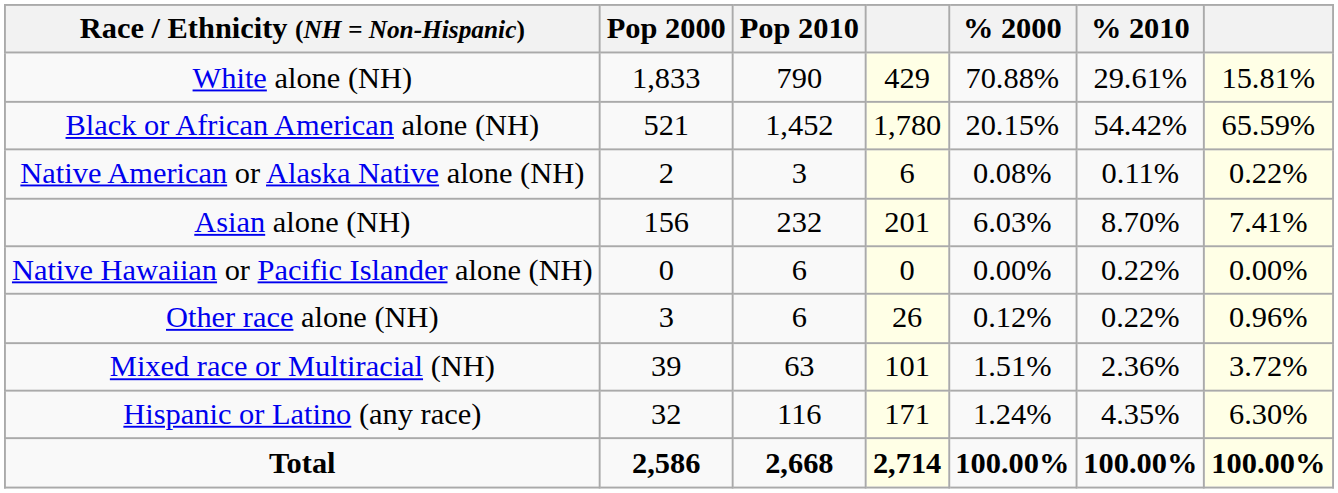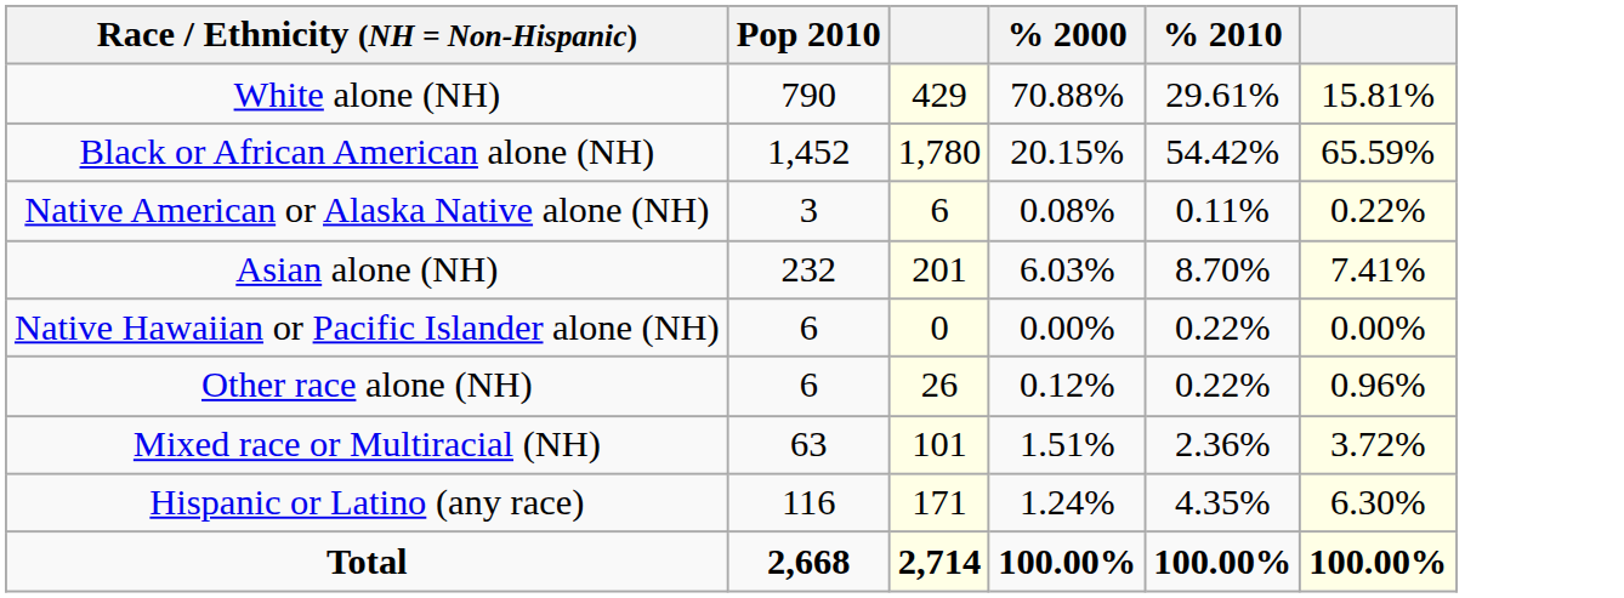 <table class="wikitable" style="text-align:center;">
 <tr>
 <th>Race / Ethnicity <small>(<em>NH = Non-Hispanic</em>)</small></th>
-<th>Pop 2000</th>
 <th>Pop 2010</th>
 <th></th>
 <th>% 2000</th>
 <th>% 2010</th>
 <th></th>
 </tr>
 <tr>
 <td><a href='#'>White</a> alone (NH)</td>
-<td>1,833</td>
 <td>790</td>
 <td style='background: #ffffe6;'>429</td>
 <td>70.88%</td>
 <td>29.61%</td>
 <td style='background: #ffffe6;'>15.81%</td>
 </tr>
 <tr>
 <td><a href='#'>Black or African American</a> alone (NH)</td>
-<td>521</td>
 <td>1,452</td>
 <td style='background: #ffffe6;'>1,780</td>
 <td>20.15%</td>
 <td>54.42%</td>
 <td style='background: #ffffe6;'>65.59%</td>
 </tr>
 <tr>
 <td><a href='#'>Native American</a> or <a href='#'>Alaska Native</a> alone (NH)</td>
-<td>2</td>
 <td>3</td>
 <td style='background: #ffffe6;'>6</td>
 <td>0.08%</td>
 <td>0.11%</td>
 <td style='background: #ffffe6;'>0.22%</td>
 </tr>
 <tr>
 <td><a href='#'>Asian</a> alone (NH)</td>
-<td>156</td>
 <td>232</td>
 <td style='background: #ffffe6;'>201</td>
 <td>6.03%</td>
 <td>8.70%</td>
 <td style='background: #ffffe6;'>7.41%</td>
 </tr>
 <tr>
 <td><a href='#'>Native Hawaiian</a> or <a href='#'>Pacific Islander</a> alone (NH)</td>
-<td>0</td>
 <td>6</td>
 <td style='background: #ffffe6;'>0</td>
 <td>0.00%</td>
 <td>0.22%</td>
 <td style='background: #ffffe6;'>0.00%</td>
 </tr>
 <tr>
 <td><a href='#'>Other race</a> alone (NH)</td>
-<td>3</td>
 <td>6</td>
 <td style='background: #ffffe6;'>26</td>
 <td>0.12%</td>
 <td>0.22%</td>
 <td style='background: #ffffe6;'>0.96%</td>
 </tr>
 <tr>
 <td><a href='#'>Mixed race or Multiracial</a> (NH)</td>
-<td>39</td>
 <td>63</td>
 <td style='background: #ffffe6;'>101</td>
 <td>1.51%</td>
 <td>2.36%</td>
 <td style='background: #ffffe6;'>3.72%</td>
 </tr>
 <tr>
 <td><a href='#'>Hispanic or Latino</a> (any race)</td>
-<td>32</td>
 <td>116</td>
 <td style='background: #ffffe6;'>171</td>
 <td>1.24%</td>
 <td>4.35%</td>
 <td style='background: #ffffe6;'>6.30%</td>
 </tr>
 <tr>
 <td><strong>Total</strong></td>
-<td><strong>2,586</strong></td>
 <td><strong>2,668</strong></td>
 <td style='background: #ffffe6;'><strong>2,714</strong></td>
 <td><strong>100.00%</strong></td>
 <td><strong>100.00%</strong></td>
 <td style='background: #ffffe6;'><strong>100.00%</strong></td>
 </tr>
 </table>
